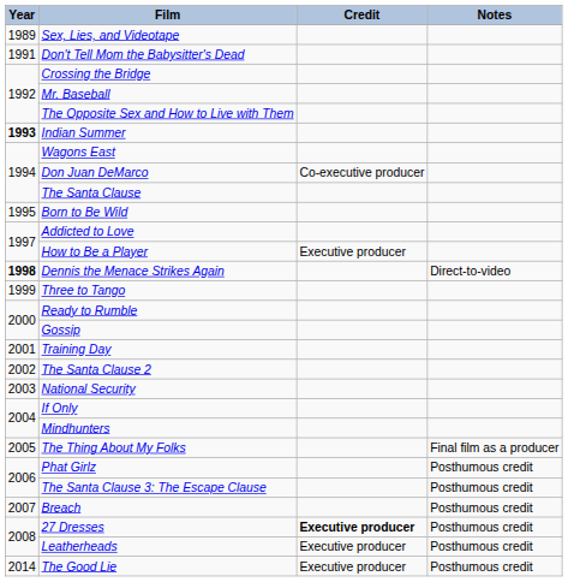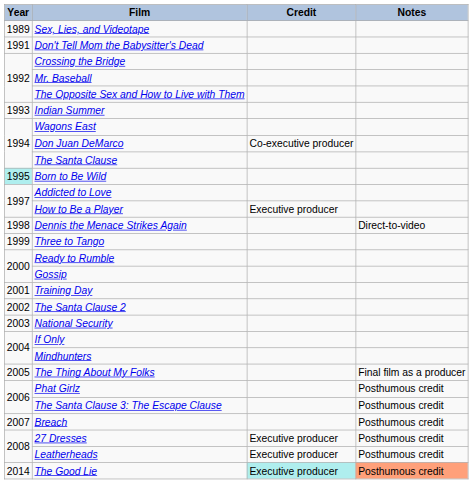 <table class="wikitable" style="font-size:95%;">
 <tr>
 <th style="background:#B0C4DE;">Year</th>
 <th style="background:#B0C4DE;">Film</th>
 <th style="background:#B0C4DE;">Credit</th>
 <th style="background:#B0C4DE;">Notes</th>
 </tr>
 <tr>
 <td>1989</td>
 <td><em><a href='#'>Sex, Lies, and Videotape</a></em></td>
 <td></td>
 <td></td>
 </tr>
 <tr>
 <td>1991</td>
 <td><em><a href='#'>Don't Tell Mom the Babysitter's Dead</a></em></td>
 <td></td>
 <td></td>
 </tr>
 <tr>
 <td rowspan=3>1992</td>
 <td><em><a href='#'>Crossing the Bridge</a></em></td>
 <td></td>
 <td></td>
 </tr>
 <tr>
 <td><em><a href='#'>Mr. Baseball</a></em></td>
 <td></td>
 <td></td>
 </tr>
 <tr>
 <td><em><a href='#'>The Opposite Sex and How to Live with Them</a></em></td>
 <td></td>
 <td></td>
 </tr>
 <tr>
-<td><strong>1993</strong></td>
+<td>1993</td>
 <td><em><a href='#'>Indian Summer</a></em></td>
 <td></td>
 <td></td>
 </tr>
 <tr>
 <td rowspan=3>1994</td>
 <td><em><a href='#'>Wagons East</a></em></td>
 <td></td>
 <td></td>
 </tr>
 <tr>
 <td><em><a href='#'>Don Juan DeMarco</a></em></td>
 <td>Co-executive producer</td>
 <td></td>
 </tr>
 <tr>
 <td><em><a href='#'>The Santa Clause</a></em></td>
 <td></td>
 <td></td>
 </tr>
 <tr>
-<td>1995</td>
+<td style="background: paleturquoise;">1995</td>
 <td><em><a href='#'>Born to Be Wild</a></em></td>
 <td></td>
 <td></td>
 </tr>
 <tr>
 <td rowspan=2>1997</td>
 <td><em><a href='#'>Addicted to Love</a></em></td>
 <td></td>
 <td></td>
 </tr>
 <tr>
 <td><em><a href='#'>How to Be a Player</a></em></td>
 <td>Executive producer</td>
 <td></td>
 </tr>
 <tr>
-<td><strong>1998</strong></td>
+<td>1998</td>
 <td><em><a href='#'>Dennis the Menace Strikes Again</a></em></td>
 <td></td>
 <td>Direct-to-video</td>
 </tr>
 <tr>
 <td>1999</td>
 <td><em><a href='#'>Three to Tango</a></em></td>
 <td></td>
 <td></td>
 </tr>
 <tr>
 <td rowspan=2>2000</td>
 <td><em><a href='#'>Ready to Rumble</a></em></td>
 <td></td>
 <td></td>
 </tr>
 <tr>
 <td><em><a href='#'>Gossip</a></em></td>
 <td></td>
 <td></td>
 </tr>
 <tr>
 <td>2001</td>
 <td><em><a href='#'>Training Day</a></em></td>
 <td></td>
 <td></td>
 </tr>
 <tr>
 <td>2002</td>
 <td><em><a href='#'>The Santa Clause 2</a></em></td>
 <td></td>
 <td></td>
 </tr>
 <tr>
 <td>2003</td>
 <td><em><a href='#'>National Security</a></em></td>
 <td></td>
 <td></td>
 </tr>
 <tr>
 <td rowspan=2>2004</td>
 <td><em><a href='#'>If Only</a></em></td>
 <td></td>
 <td></td>
 </tr>
 <tr>
 <td><em><a href='#'>Mindhunters</a></em></td>
 <td></td>
 <td></td>
 </tr>
 <tr>
 <td>2005</td>
 <td><em><a href='#'>The Thing About My Folks</a></em></td>
 <td></td>
 <td>Final film as a producer</td>
 </tr>
 <tr>
 <td rowspan=2>2006</td>
 <td><em><a href='#'>Phat Girlz</a></em></td>
 <td></td>
 <td>Posthumous credit</td>
 </tr>
 <tr>
 <td><em><a href='#'>The Santa Clause 3: The Escape Clause</a></em></td>
 <td></td>
 <td>Posthumous credit</td>
 </tr>
 <tr>
 <td>2007</td>
 <td><em><a href='#'>Breach</a></em></td>
 <td></td>
 <td>Posthumous credit</td>
 </tr>
 <tr>
 <td rowspan=2>2008</td>
 <td><em><a href='#'>27 Dresses</a></em></td>
-<td><strong>Executive producer</strong></td>
+<td>Executive producer</td>
 <td>Posthumous credit</td>
 </tr>
 <tr>
 <td><em><a href='#'>Leatherheads</a></em></td>
 <td>Executive producer</td>
 <td>Posthumous credit</td>
 </tr>
 <tr>
 <td>2014</td>
 <td><em><a href='#'>The Good Lie</a></em></td>
-<td>Executive producer</td>
-<td>Posthumous credit</td>
+<td style="background: paleturquoise;">Executive producer</td>
+<td style="background: lightsalmon;">Posthumous credit</td>
 </tr>
 </table>
